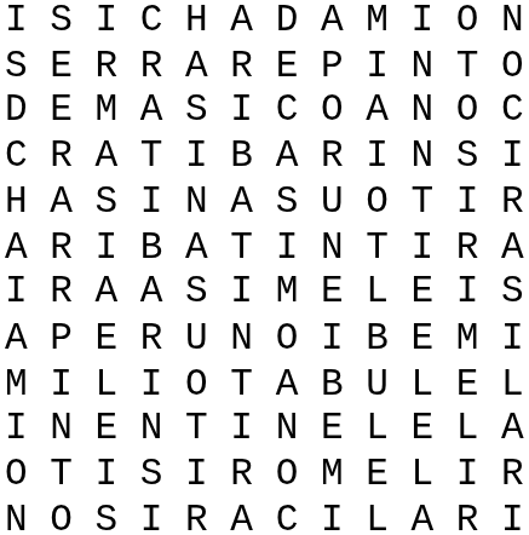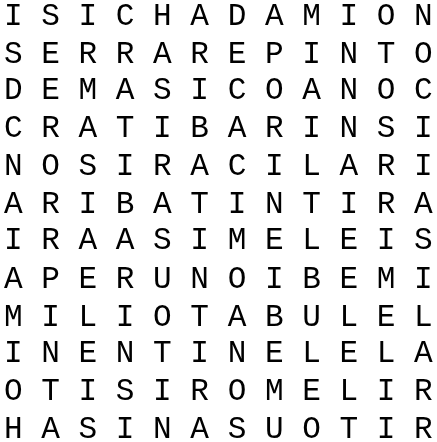 <table style="font-family: monospace; margin: 0 0 0 0; line-height:90%">
 <tr>
 <td style="padding-left: 2em;">I S I C H A D A M I O N</td>
 </tr>
 <tr>
 <td style="padding-left: 2em;">S E R R A R E P I N T O</td>
 </tr>
 <tr>
 <td style="padding-left: 2em;">D E M A S I C O A N O C</td>
 </tr>
 <tr>
 <td style="padding-left: 2em;">C R A T I B A R I N S I</td>
 </tr>
 <tr>
-<td style="padding-left: 2em;">H A S I N A S U O T I R</td>
+<td style="padding-left: 2em;">N O S I R A C I L A R I</td>
 </tr>
 <tr \\\>
 <td style="padding-left: 2em;">A R I B A T I N T I R A</td>
 </tr>
 <tr>
 <td style="padding-left: 2em;">I R A A S I M E L E I S</td>
 </tr>
 <tr>
 <td style="padding-left: 2em;">A P E R U N O I B E M I</td>
 </tr>
 <tr>
 <td style="padding-left: 2em;">M I L I O T A B U L E L</td>
 </tr>
 <tr>
 <td style="padding-left: 2em;">I N E N T I N E L E L A</td>
 </tr>
 <tr>
 <td style="padding-left: 2em;">O T I S I R O M E L I R</td>
 </tr>
 <tr>
-<td style="padding-left: 2em;">N O S I R A C I L A R I</td>
+<td style="padding-left: 2em;">H A S I N A S U O T I R</td>
 </tr>
 <tr>
 </tr>
 </table>
